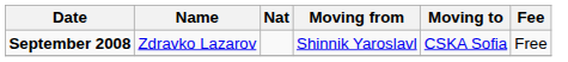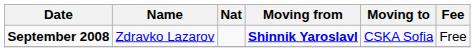 <table class="wikitable">
 <tr>
 <th>Date</th>
 <th>Name</th>
 <th>Nat</th>
 <th>Moving from</th>
 <th>Moving to</th>
 <th>Fee</th>
 </tr>
 <tr>
 <td><strong>September 2008</strong></td>
 <td><a href='#'>Zdravko Lazarov</a></td>
 <td></td>
-<td><a href='#'>Shinnik Yaroslavl</a></td>
+<td><strong><a href='#'>Shinnik Yaroslavl</a></strong></td>
 <td><a href='#'>CSKA Sofia</a></td>
 <td>Free</td>
 </tr>
 <tr>
 </tr>
 </table>
